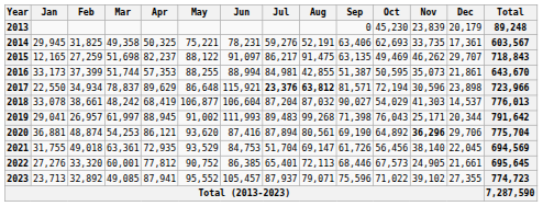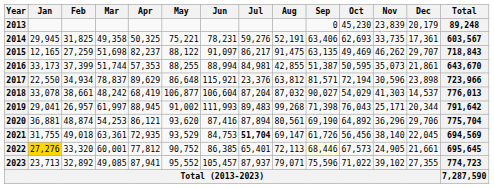 <table class=wikitable style="text-align:right; font-size:0.9em;">
 <tr>
 <th>Year</th>
 <th>Jan</th>
 <th>Feb</th>
 <th>Mar</th>
 <th>Apr</th>
 <th>May</th>
 <th>Jun</th>
 <th>Jul</th>
 <th>Aug</th>
 <th>Sep</th>
 <th>Oct</th>
 <th>Nov</th>
 <th>Dec</th>
 <th>Total</th>
 </tr>
 <tr>
 <th>2013</th>
 <td></td>
 <td></td>
 <td></td>
 <td></td>
 <td></td>
 <td></td>
 <td></td>
 <td></td>
 <td>0</td>
 <td>45,230</td>
 <td>23,839</td>
 <td>20,179</td>
 <th>89,248</th>
 </tr>
 <tr>
 <th>2014</th>
 <td>29,945</td>
 <td>31,825</td>
 <td>49,358</td>
 <td>50,325</td>
 <td>75,221</td>
 <td>78,231</td>
 <td>59,276</td>
 <td>52,191</td>
 <td>63,406</td>
 <td>62,693</td>
 <td>33,735</td>
 <td>17,361</td>
 <th>603,567</th>
 </tr>
 <tr>
 <th>2015</th>
 <td>12,165</td>
 <td>27,259</td>
 <td>51,698</td>
 <td>82,237</td>
 <td>88,122</td>
 <td>91,097</td>
 <td>86,217</td>
 <td>91,475</td>
 <td>63,135</td>
 <td>49,469</td>
 <td>46,262</td>
 <td>29,707</td>
 <th>718,843</th>
 </tr>
 <tr>
 <th>2016</th>
 <td>33,173</td>
 <td>37,399</td>
 <td>51,744</td>
 <td>57,353</td>
 <td>88,255</td>
 <td>88,994</td>
 <td>84,981</td>
 <td>42,855</td>
 <td>51,387</td>
 <td>50,595</td>
 <td>35,073</td>
 <td>21,861</td>
 <th>643,670</th>
 </tr>
 <tr>
 <th>2017</th>
 <td>22,550</td>
 <td>34,934</td>
 <td>78,837</td>
 <td>89,629</td>
 <td>86,648</td>
 <td>115,921</td>
-<td><strong>23,376</strong></td>
-<td><strong>63,812</strong></td>
+<td>23,376</td>
+<td>63,812</td>
 <td>81,571</td>
 <td>72,194</td>
 <td>30,596</td>
 <td>23,898</td>
 <th>723,966</th>
 </tr>
 <tr>
 <th>2018</th>
 <td>33,078</td>
 <td>38,661</td>
 <td>48,242</td>
 <td>68,419</td>
 <td>106,877</td>
 <td>106,604</td>
 <td>87,204</td>
 <td>87,032</td>
 <td>90,027</td>
 <td>54,029</td>
 <td>41,303</td>
 <td>14,537</td>
 <th>776,013</th>
 </tr>
 <tr>
 <th>2019</th>
 <td>29,041</td>
 <td>26,957</td>
 <td>61,997</td>
 <td>88,945</td>
 <td>91,002</td>
 <td>111,993</td>
 <td>89,483</td>
 <td>99,268</td>
 <td>71,398</td>
 <td>76,043</td>
 <td>25,171</td>
 <td>20,344</td>
 <th>791,642</th>
 </tr>
 <tr>
 <th>2020</th>
 <td>36,881</td>
 <td>48,874</td>
 <td>54,253</td>
 <td>86,121</td>
 <td>93,620</td>
 <td>87,416</td>
 <td>87,894</td>
 <td>80,561</td>
 <td>69,190</td>
 <td>64,892</td>
-<td><strong>36,296</strong></td>
+<td>36,296</td>
 <td>29,706</td>
 <th>775,704</th>
 </tr>
 <tr>
 <th>2021</th>
 <td>31,755</td>
 <td>49,018</td>
 <td>63,361</td>
 <td>72,935</td>
 <td>93,529</td>
 <td>84,753</td>
-<td>51,704</td>
+<td><strong>51,704</strong></td>
 <td>69,147</td>
 <td>61,726</td>
 <td>56,456</td>
 <td>38,140</td>
 <td>22,045</td>
 <th>694,569</th>
 </tr>
 <tr>
 <th>2022</th>
-<td>27,276</td>
+<td style="background: gold;">27,276</td>
 <td>33,320</td>
 <td>60,001</td>
 <td>77,812</td>
 <td>90,752</td>
 <td>86,385</td>
 <td>65,401</td>
 <td>72,113</td>
-<td>68,446</td>
+<td style="background: lightyellow;">68,446</td>
 <td>67,573</td>
 <td>24,905</td>
 <td>21,661</td>
 <th>695,645</th>
 </tr>
 <tr>
 <th>2023</th>
 <td>23,713</td>
 <td>32,892</td>
 <td>49,085</td>
 <td>87,941</td>
 <td>95,552</td>
 <td>105,457</td>
 <td>87,937</td>
 <td>79,071</td>
 <td>75,596</td>
 <td>71,022</td>
 <td>39,102</td>
 <td>27,355</td>
 <th>774,723</th>
 </tr>
 <tr>
 <th colspan=13>Total (2013-2023)</th>
 <th>7,287,590</th>
 </tr>
 </table>
